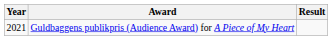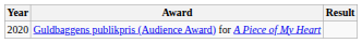 <table class="wikitable sortable">
 <tr>
 <th>Year</th>
 <th>Award</th>
 <th>Result</th>
 </tr>
 <tr>
-<td>2021</td>
+<td>2020</td>
 <td><a href='#'>Guldbaggens publikpris (Audience Award)</a> for <em><a href='#'>A Piece of My Heart</a></em></td>
 <td></td>
 </tr>
 </table>
